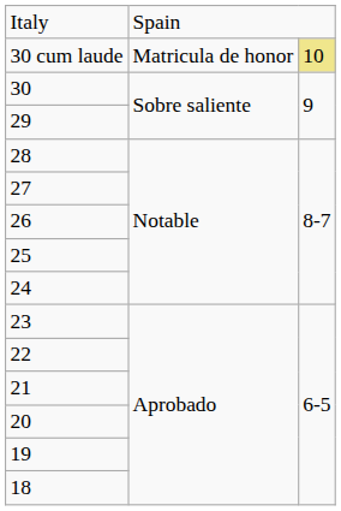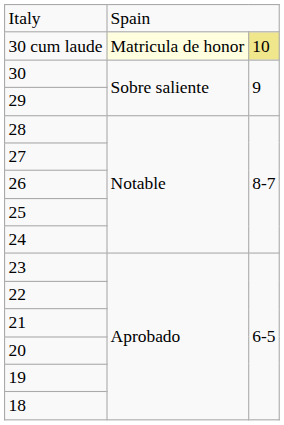 <table class="wikitable">
 <tr>
 <td>Italy</td>
 <td colspan="2">Spain</td>
 </tr>
 <tr>
 <td>30 cum laude</td>
-<td>Matricula de  honor</td>
+<td style="background: lightyellow;">Matricula de  honor</td>
 <td style="background: khaki;">10</td>
 </tr>
 <tr>
 <td>30</td>
 <td rowspan="2">Sobre saliente</td>
 <td rowspan="2">9</td>
 </tr>
 <tr>
 <td>29</td>
 </tr>
 <tr>
 <td>28</td>
 <td rowspan="5">Notable</td>
 <td rowspan="5">8-7</td>
 </tr>
 <tr>
 <td>27</td>
 </tr>
 <tr>
 <td>26</td>
 </tr>
 <tr>
 <td>25</td>
 </tr>
 <tr>
 <td>24</td>
 </tr>
 <tr>
 <td>23</td>
 <td rowspan="6">Aprobado</td>
 <td rowspan="6">6-5</td>
 </tr>
 <tr>
 <td>22</td>
 </tr>
 <tr>
 <td>21</td>
 </tr>
 <tr>
 <td>20</td>
 </tr>
 <tr>
 <td>19</td>
 </tr>
 <tr>
 <td>18</td>
 </tr>
 </table>
